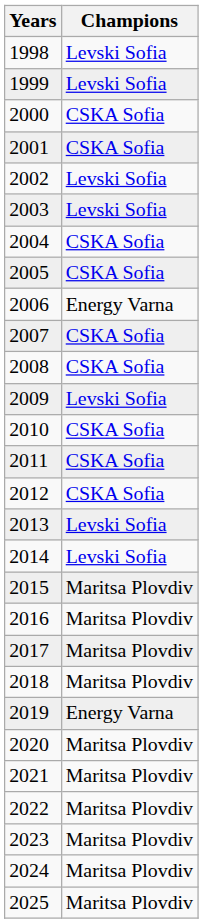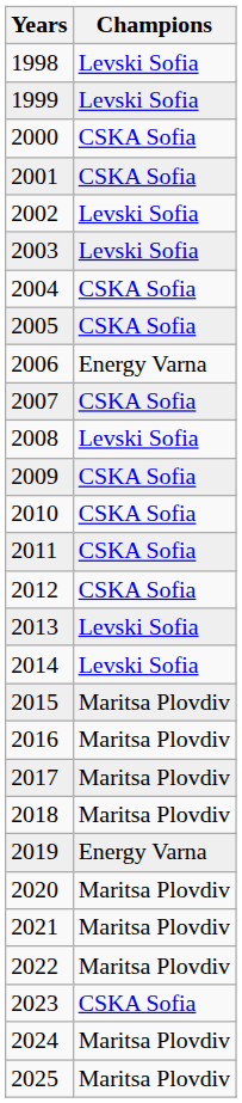 <table class="wikitable" style="display:inline-table;">
 <tr>
 <th>Years</th>
 <th>Champions</th>
 </tr>
 <tr>
 <td>1998</td>
 <td><a href='#'>Levski Sofia</a></td>
 </tr>
 <tr style="background:#EFEFEF">
 <td>1999</td>
 <td><a href='#'>Levski Sofia</a></td>
 </tr>
 <tr>
 <td>2000</td>
 <td><a href='#'>CSKA Sofia</a></td>
 </tr>
 <tr style="background:#EFEFEF">
 <td>2001</td>
 <td><a href='#'>CSKA Sofia</a></td>
 </tr>
 <tr>
 <td>2002</td>
 <td><a href='#'>Levski Sofia</a></td>
 </tr>
 <tr style="background:#EFEFEF">
 <td>2003</td>
 <td><a href='#'>Levski Sofia</a></td>
 </tr>
 <tr>
 <td>2004</td>
 <td><a href='#'>CSKA Sofia</a></td>
 </tr>
 <tr style="background:#EFEFEF">
 <td>2005</td>
 <td><a href='#'>CSKA Sofia</a></td>
 </tr>
 <tr>
 <td>2006</td>
 <td>Energy Varna</td>
 </tr>
 <tr style="background:#EFEFEF">
 <td>2007</td>
 <td><a href='#'>CSKA Sofia</a></td>
 </tr>
 <tr>
 <td>2008</td>
-<td><a href='#'>CSKA Sofia</a></td>
+<td><a href='#'>Levski Sofia</a></td>
 </tr>
 <tr style="background:#EFEFEF">
 <td>2009</td>
-<td><a href='#'>Levski Sofia</a></td>
+<td><a href='#'>CSKA Sofia</a></td>
 </tr>
 <tr>
 <td>2010</td>
 <td><a href='#'>CSKA Sofia</a></td>
 </tr>
 <tr style="background:#EFEFEF">
 <td>2011</td>
 <td><a href='#'>CSKA Sofia</a></td>
 </tr>
 <tr>
 <td>2012</td>
 <td><a href='#'>CSKA Sofia</a></td>
 </tr>
 <tr style="background:#EFEFEF">
 <td>2013</td>
 <td><a href='#'>Levski Sofia</a></td>
 </tr>
 <tr>
 <td>2014</td>
 <td><a href='#'>Levski Sofia</a></td>
 </tr>
 <tr style="background:#EFEFEF">
 <td>2015</td>
 <td>Maritsa Plovdiv</td>
 </tr>
 <tr>
 <td>2016</td>
 <td>Maritsa Plovdiv</td>
 </tr>
 <tr style="background:#EFEFEF">
 <td>2017</td>
 <td>Maritsa Plovdiv</td>
 </tr>
 <tr>
 <td>2018</td>
 <td>Maritsa Plovdiv</td>
 </tr>
 <tr style="background:#EFEFEF">
 <td>2019</td>
 <td>Energy Varna</td>
 </tr>
 <tr>
 <td>2020</td>
 <td>Maritsa Plovdiv</td>
 </tr>
 <tr>
 <td>2021</td>
 <td>Maritsa Plovdiv</td>
 </tr>
 <tr>
 <td>2022</td>
 <td>Maritsa Plovdiv</td>
 </tr>
 <tr>
 <td>2023</td>
-<td>Maritsa Plovdiv</td>
+<td><a href='#'>CSKA Sofia</a></td>
 </tr>
 <tr>
 <td>2024</td>
 <td>Maritsa Plovdiv</td>
 </tr>
 <tr>
 <td>2025</td>
 <td>Maritsa Plovdiv</td>
 </tr>
 </table>
